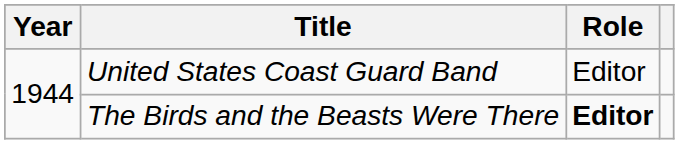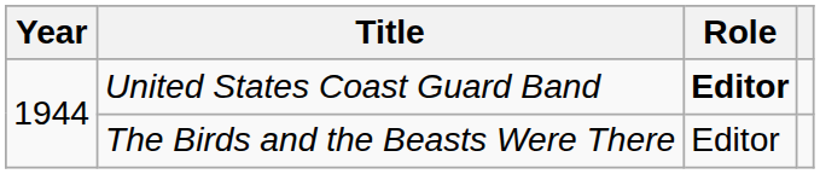 <table class="wikitable sortable">
 <tr>
 <th>Year</th>
 <th>Title</th>
 <th>Role</th>
 <th class="unsortable"></th>
 </tr>
 <tr>
 <td rowspan="2">1944</td>
 <td><em>United States Coast Guard Band</em></td>
-<td>Editor</td>
+<td><strong>Editor</strong></td>
 <td></td>
 </tr>
 <tr>
 <td><em>The Birds and the Beasts Were There</em></td>
-<td><strong>Editor</strong></td>
+<td>Editor</td>
 <td></td>
 </tr>
 </table>
